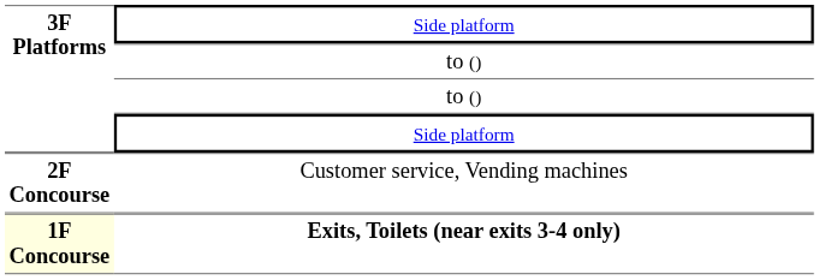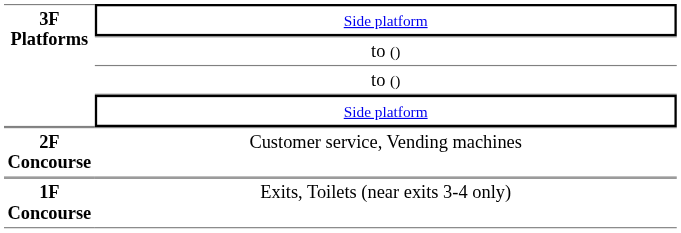 <table table border=0 cellspacing=0 cellpadding=3>
 <tr>
 <td style="border-bottom:solid 1px gray; border-top:solid 1px gray;text-align:center" rowspan="4" valign=top><strong>3F<br>Platforms</strong></td>
 <td style="border-right:solid 2px black;border-left:solid 2px black;border-top:solid 2px black;border-bottom:solid 2px black;text-align:center;" colspan=2><small><a href='#'>Side platform</a></small></td>
 </tr>
 <tr>
 <td style="border-bottom:solid 1px gray; border-top:solid 1px gray;text-align:center;">  to  <small>()</small></td>
 </tr>
 <tr>
 <td style="border-bottom:solid 1px gray;text-align:center;"> to  <small>()</small> </td>
 </tr>
 <tr>
 <td style="border-right:solid 2px black;border-left:solid 2px black;border-top:solid 2px black;border-bottom:solid 2px black;text-align:center;" colspan=2><small><a href='#'>Side platform</a></small></td>
 </tr>
 <tr>
 <td style="border-bottom:solid 1px gray; border-top:solid 1px gray;text-align:center" valign=top><strong>2F<br>Concourse</strong></td>
 <td style="border-bottom:solid 1px gray; border-top:solid 1px gray;text-align:center;" valign=top width=500>Customer service, Vending machines</td>
 </tr>
 <tr>
-<td style="background: lightyellow; border-bottom:solid 1px gray; border-top:solid 1px gray;text-align:center" valign=top><strong>1F<br>Concourse</strong></td>
-<td style="border-bottom:solid 1px gray; border-top:solid 1px gray;text-align:center;" valign=top width=500><strong>Exits, Toilets (near exits 3-4 only)</strong></td>
+<td style="border-bottom:solid 1px gray; border-top:solid 1px gray;text-align:center" valign=top><strong>1F<br>Concourse</strong></td>
+<td style="border-bottom:solid 1px gray; border-top:solid 1px gray;text-align:center;" valign=top width=500>Exits, Toilets (near exits 3-4 only)</td>
 </tr>
 </table>
